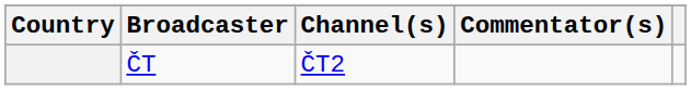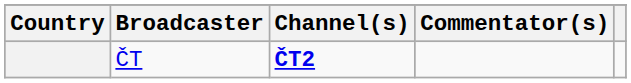 <table class="wikitable plainrowheaders sticky-header">
 <tr>
 </tr>
 <tr>
 <th scope="col">Country</th>
 <th scope="col">Broadcaster</th>
 <th scope="col">Channel(s)</th>
 <th scope="col">Commentator(s)</th>
 <th scope="col"></th>
 </tr>
 <tr>
 <th scope="row"></th>
 <td><a href='#'>ČT</a></td>
-<td><a href='#'>ČT2</a></td>
+<td><strong><a href='#'>ČT2</a></strong></td>
 <td></td>
 <td style="text-align:center"></td>
 </tr>
 </table>
